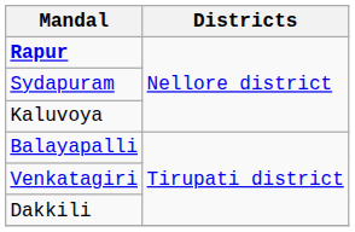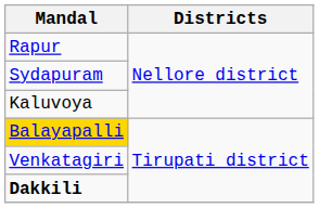 <table class="wikitable sortable static-row-numbers static-row-header-hash">
 <tr>
 <th>Mandal</th>
 <th>Districts</th>
 </tr>
 <tr>
-<td><strong><a href='#'>Rapur</a></strong></td>
+<td><a href='#'>Rapur</a></td>
 <td rowspan="3"><a href='#'>Nellore district</a></td>
 </tr>
 <tr>
 <td><a href='#'>Sydapuram</a></td>
 </tr>
 <tr>
 <td>Kaluvoya</td>
 </tr>
 <tr>
-<td><a href='#'>Balayapalli</a></td>
+<td style="background: gold;"><a href='#'>Balayapalli</a></td>
 <td rowspan="3"><a href='#'>Tirupati district</a></td>
 </tr>
 <tr>
 <td><a href='#'>Venkatagiri</a></td>
 </tr>
 <tr>
-<td>Dakkili</td>
+<td><strong>Dakkili</strong></td>
 </tr>
 <tr>
 </tr>
 </table>
